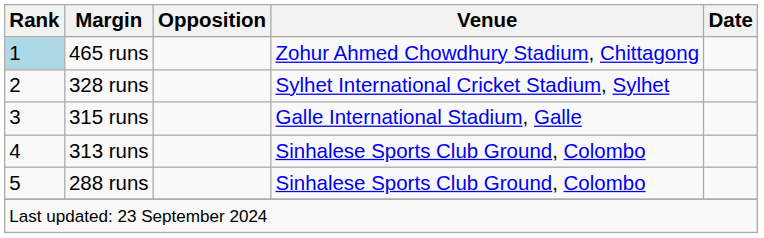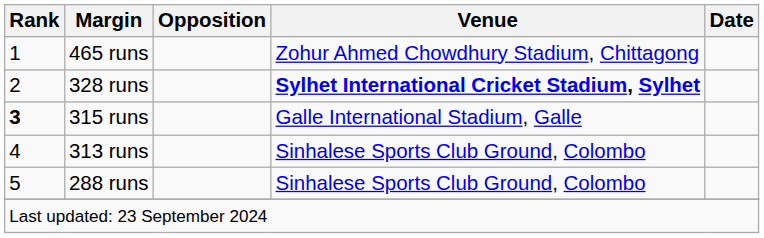 <table class="wikitable plainrowheaders sortable">
 <tr>
 <th scope=col>Rank</th>
 <th scope=col>Margin</th>
 <th scope=col>Opposition</th>
 <th scope=col>Venue</th>
 <th scope=col>Date</th>
 </tr>
 <tr>
-<td style="background: lightblue;">1</td>
+<td>1</td>
 <td>465 runs</td>
 <td></td>
 <td><a href='#'>Zohur Ahmed Chowdhury Stadium</a>, <a href='#'>Chittagong</a></td>
 <td></td>
 </tr>
 <tr>
 <td>2</td>
 <td>328 runs</td>
 <td></td>
-<td><a href='#'>Sylhet International Cricket Stadium</a>, <a href='#'>Sylhet</a></td>
+<td><strong><a href='#'>Sylhet International Cricket Stadium</a>, <a href='#'>Sylhet</a></strong></td>
 <td></td>
 </tr>
 <tr>
-<td>3</td>
+<td><strong>3</strong></td>
 <td>315 runs</td>
 <td></td>
 <td><a href='#'>Galle International Stadium</a>, <a href='#'>Galle</a></td>
 <td></td>
 </tr>
 <tr>
 <td>4</td>
 <td>313 runs</td>
 <td></td>
 <td><a href='#'>Sinhalese Sports Club Ground</a>, <a href='#'>Colombo</a></td>
 <td></td>
 </tr>
 <tr>
 <td>5</td>
 <td>288 runs</td>
 <td></td>
 <td><a href='#'>Sinhalese Sports Club Ground</a>, <a href='#'>Colombo</a></td>
 <td></td>
 </tr>
 <tr>
 </tr>
 <tr class=sortbottom>
 <td colspan=5><small>Last updated: 23 September 2024</small></td>
 </tr>
 </table>
